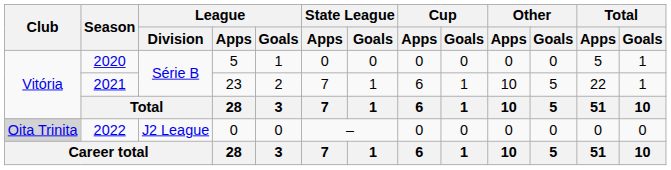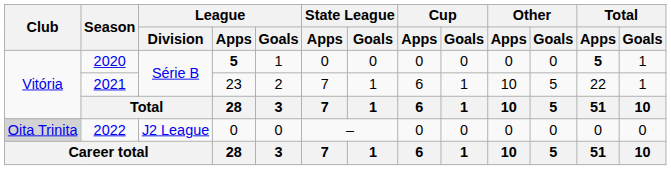 <table class="wikitable" style="text-align: center">
 <tr>
 <th rowspan="2">Club</th>
 <th rowspan="2">Season</th>
 <th colspan="3">League</th>
 <th colspan="2">State League</th>
 <th colspan="2">Cup</th>
 <th colspan="2">Other</th>
 <th colspan="2">Total</th>
 </tr>
 <tr>
 <th>Division</th>
 <th>Apps</th>
 <th>Goals</th>
 <th>Apps</th>
 <th>Goals</th>
 <th>Apps</th>
 <th>Goals</th>
 <th>Apps</th>
 <th>Goals</th>
 <th>Apps</th>
 <th>Goals</th>
 </tr>
 <tr>
 <td rowspan="3"><a href='#'>Vitória</a></td>
 <td><a href='#'>2020</a></td>
 <td rowspan="2"><a href='#'>Série B</a></td>
-<td>5</td>
+<td><strong>5</strong></td>
 <td>1</td>
 <td>0</td>
 <td>0</td>
 <td>0</td>
 <td>0</td>
 <td>0</td>
 <td>0</td>
-<td>5</td>
+<td><strong>5</strong></td>
 <td>1</td>
 </tr>
 <tr>
 <td><a href='#'>2021</a></td>
 <td>23</td>
 <td>2</td>
 <td>7</td>
 <td>1</td>
 <td>6</td>
 <td>1</td>
 <td>10</td>
 <td>5</td>
 <td>22</td>
 <td>1</td>
 </tr>
 <tr>
 <th colspan="2"><strong>Total</strong></th>
 <th>28</th>
 <th>3</th>
 <th>7</th>
 <th>1</th>
 <th>6</th>
 <th>1</th>
 <th>10</th>
 <th>5</th>
 <th>51</th>
 <th>10</th>
 </tr>
 <tr>
 <td style="background: lightgrey;"><a href='#'>Oita Trinita</a></td>
 <td><a href='#'>2022</a></td>
 <td><a href='#'>J2 League</a></td>
 <td>0</td>
 <td>0</td>
 <td colspan="2">–</td>
 <td>0</td>
 <td>0</td>
 <td>0</td>
 <td>0</td>
 <td>0</td>
 <td>0</td>
 </tr>
 <tr>
 <th colspan="3"><strong>Career total</strong></th>
 <th>28</th>
 <th>3</th>
 <th>7</th>
 <th>1</th>
 <th>6</th>
 <th>1</th>
 <th>10</th>
 <th>5</th>
 <th>51</th>
 <th>10</th>
 </tr>
 </table>
